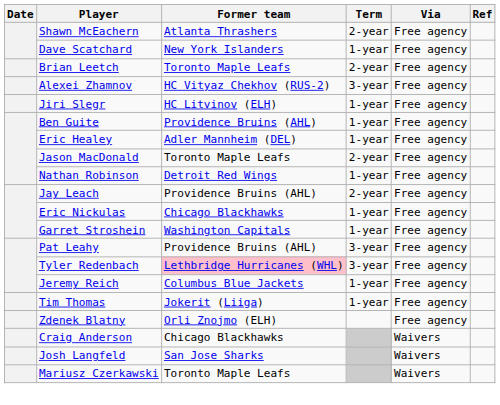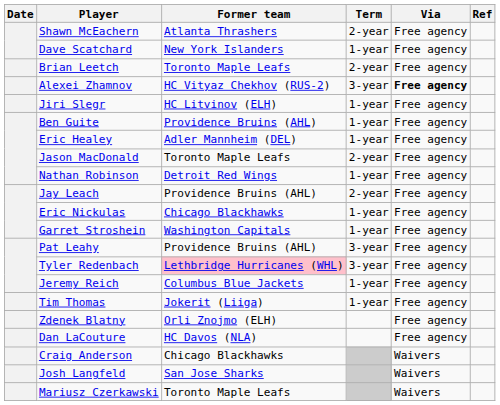 <table class="wikitable plainrowheaders">
 <tr style="background:#ddd; text-align:center;">
 <th>Date</th>
 <th>Player</th>
 <th>Former team</th>
 <th>Term</th>
 <th>Via</th>
 <th>Ref</th>
 </tr>
 <tr>
 <th scope="row" rowspan=2></th>
 <td><a href='#'>Shawn McEachern</a></td>
 <td><a href='#'>Atlanta Thrashers</a></td>
 <td>2-year</td>
 <td>Free agency</td>
 <td></td>
 </tr>
 <tr>
 <td><a href='#'>Dave Scatchard</a></td>
 <td><a href='#'>New York Islanders</a></td>
 <td>1-year</td>
 <td>Free agency</td>
 <td></td>
 </tr>
 <tr>
 <th scope="row"></th>
 <td><a href='#'>Brian Leetch</a></td>
 <td><a href='#'>Toronto Maple Leafs</a></td>
 <td>2-year</td>
 <td>Free agency</td>
 <td></td>
 </tr>
 <tr>
 <th scope="row"></th>
 <td><a href='#'>Alexei Zhamnov</a></td>
 <td><a href='#'>HC Vityaz Chekhov</a> (<a href='#'>RUS-2</a>)</td>
 <td>3-year</td>
-<td>Free agency</td>
+<td><strong>Free agency</strong></td>
 <td></td>
 </tr>
 <tr>
 <th scope="row"></th>
 <td><a href='#'>Jiri Slegr</a></td>
 <td><a href='#'>HC Litvinov</a> (<a href='#'>ELH</a>)</td>
 <td>1-year</td>
 <td>Free agency</td>
 <td></td>
 </tr>
 <tr>
 <th scope="row" rowspan=4></th>
 <td><a href='#'>Ben Guite</a></td>
 <td><a href='#'>Providence Bruins</a> (<a href='#'>AHL</a>)</td>
 <td>1-year</td>
 <td>Free agency</td>
 <td></td>
 </tr>
 <tr>
 <td><a href='#'>Eric Healey</a></td>
 <td><a href='#'>Adler Mannheim</a> (<a href='#'>DEL</a>)</td>
 <td>1-year</td>
 <td>Free agency</td>
 <td></td>
 </tr>
 <tr>
 <td><a href='#'>Jason MacDonald</a></td>
 <td>Toronto Maple Leafs</td>
 <td>2-year</td>
 <td>Free agency</td>
 <td></td>
 </tr>
 <tr>
 <td><a href='#'>Nathan Robinson</a></td>
 <td><a href='#'>Detroit Red Wings</a></td>
 <td>1-year</td>
 <td>Free agency</td>
 <td></td>
 </tr>
 <tr>
 <th scope="row" rowspan=3></th>
 <td><a href='#'>Jay Leach</a></td>
 <td>Providence Bruins (AHL)</td>
 <td>2-year</td>
 <td>Free agency</td>
 <td></td>
 </tr>
 <tr>
 <td><a href='#'>Eric Nickulas</a></td>
 <td><a href='#'>Chicago Blackhawks</a></td>
 <td>1-year</td>
 <td>Free agency</td>
 <td></td>
 </tr>
 <tr>
 <td><a href='#'>Garret Stroshein</a></td>
 <td><a href='#'>Washington Capitals</a></td>
 <td>1-year</td>
 <td>Free agency</td>
 <td></td>
 </tr>
 <tr>
 <th scope="row" rowspan=3></th>
 <td><a href='#'>Pat Leahy</a></td>
 <td>Providence Bruins (AHL)</td>
 <td>3-year</td>
 <td>Free agency</td>
 <td></td>
 </tr>
 <tr>
 <td><a href='#'>Tyler Redenbach</a></td>
 <td style="background: pink;"><a href='#'>Lethbridge Hurricanes</a> (<a href='#'>WHL</a>)</td>
 <td>3-year</td>
 <td>Free agency</td>
 <td></td>
 </tr>
 <tr>
 <td><a href='#'>Jeremy Reich</a></td>
 <td><a href='#'>Columbus Blue Jackets</a></td>
 <td>1-year</td>
 <td>Free agency</td>
 <td></td>
 </tr>
 <tr>
 <th scope="row"></th>
 <td><a href='#'>Tim Thomas</a></td>
 <td><a href='#'>Jokerit</a> (<a href='#'>Liiga</a>)</td>
 <td>1-year</td>
 <td>Free agency</td>
 <td></td>
 </tr>
 <tr>
 <th scope="row"></th>
 <td><a href='#'>Zdenek Blatny</a></td>
 <td><a href='#'>Orli Znojmo</a> (ELH)</td>
 <td></td>
 <td>Free agency</td>
 <td></td>
 </tr>
 <tr>
 <th scope="row"></th>
+<td><a href='#'>Dan LaCouture</a></td>
+<td><a href='#'>HC Davos</a> (<a href='#'>NLA</a>)</td>
+<td></td>
+<td>Free agency</td>
+<td></td>
+</tr>
+<tr>
+<th scope="row"></th>
 <td><a href='#'>Craig Anderson</a></td>
 <td>Chicago Blackhawks</td>
 <td style="background:#ccc"></td>
 <td>Waivers</td>
 <td></td>
 </tr>
 <tr>
 <th scope="row"></th>
 <td><a href='#'>Josh Langfeld</a></td>
 <td><a href='#'>San Jose Sharks</a></td>
 <td style="background:#ccc"></td>
 <td>Waivers</td>
 <td></td>
 </tr>
 <tr>
 <th scope="row"></th>
 <td><a href='#'>Mariusz Czerkawski</a></td>
 <td>Toronto Maple Leafs</td>
 <td style="background:#ccc"></td>
 <td>Waivers</td>
 <td></td>
 </tr>
 </table>
